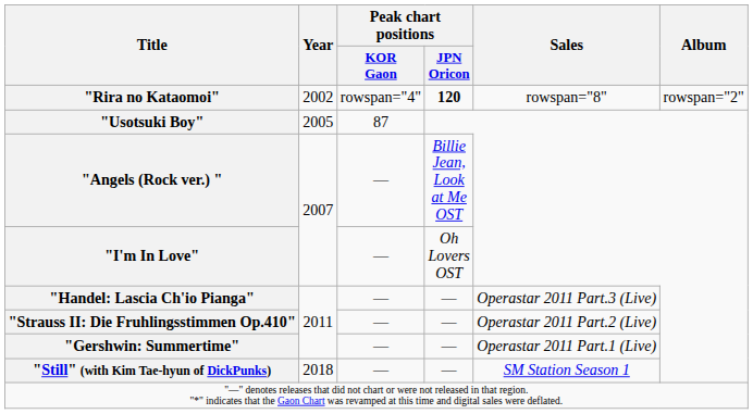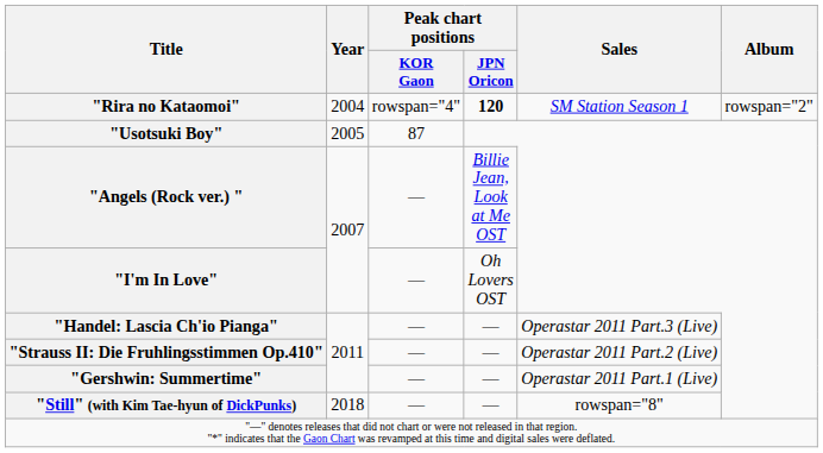 <table class="wikitable plainrowheaders" style="text-align:center;">
 <tr>
 <th scope="col" rowspan=2>Title</th>
 <th scope="col" rowspan=2>Year</th>
 <th scope="col" colspan=2>Peak chart positions</th>
 <th scope="col" rowspan="2">Sales</th>
 <th scope="col" rowspan=2>Album</th>
 </tr>
 <tr>
 <th style="text-align:center; width:30px; font-size:90%;"><a href='#'>KOR<br>Gaon</a></th>
 <th style="text-align:center; width:30px; font-size:90%;"><a href='#'>JPN<br>Oricon</a></th>
 </tr>
 <tr>
 <th scope="row">"Rira no Kataomoi"</th>
-<td>2002</td>
+<td>2004</td>
 <td>rowspan="4" </td>
 <td><strong>120</strong></td>
-<td>rowspan="8" </td>
+<td><em><a href='#'>SM Station Season 1</a></em></td>
 <td>rowspan="2" </td>
 </tr>
 <tr>
 <th scope="row">"Usotsuki Boy"</th>
 <td>2005</td>
 <td>87</td>
 </tr>
 <tr>
 <th scope="row">"Angels (Rock ver.) "</th>
 <td rowspan="2">2007</td>
 <td>—</td>
 <td><em><a href='#'>Billie Jean, Look at Me OST</a></em></td>
 </tr>
 <tr>
 <th scope="row">"I'm In Love"</th>
 <td>—</td>
 <td><em>Oh Lovers OST</em></td>
 </tr>
 <tr>
 <th scope="row">"Handel: Lascia Ch'io Pianga"</th>
 <td rowspan="3">2011</td>
 <td>—</td>
 <td>—</td>
 <td><em>Operastar 2011 Part.3 (Live)</em></td>
 </tr>
 <tr>
 <th scope="row">"Strauss II: Die Fruhlingsstimmen Op.410"</th>
 <td>—</td>
 <td>—</td>
 <td><em>Operastar 2011 Part.2 (Live)</em></td>
 </tr>
 <tr>
 <th scope="row">"Gershwin: Summertime"</th>
 <td>—</td>
 <td>—</td>
 <td><em>Operastar 2011 Part.1 (Live)</em></td>
 </tr>
 <tr>
 <th scope="row">"<a href='#'>Still</a>" <small>(with Kim Tae-hyun of <a href='#'>DickPunks</a>)</small></th>
 <td>2018</td>
 <td>—</td>
 <td>—</td>
-<td><em><a href='#'>SM Station Season 1</a></em></td>
+<td>rowspan="8" </td>
 </tr>
 <tr>
 <td colspan="6" style="text-align:center; font-size:8pt;">"—" denotes releases that did not chart or were not released in that region.<br>"*" indicates that the <a href='#'>Gaon Chart</a> was revamped at this time and digital sales were deflated.</td>
 </tr>
 </table>
